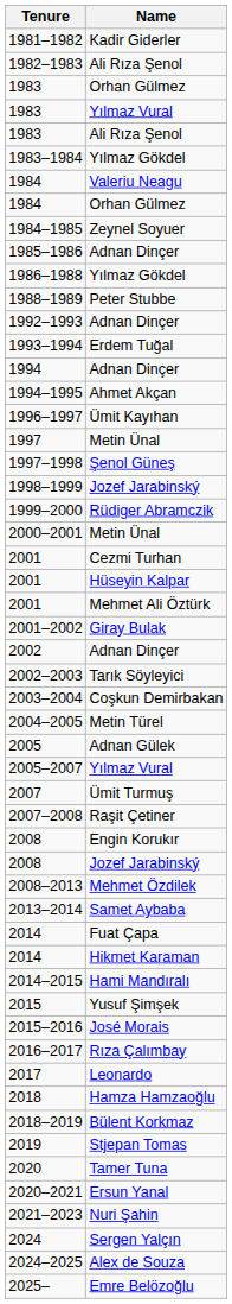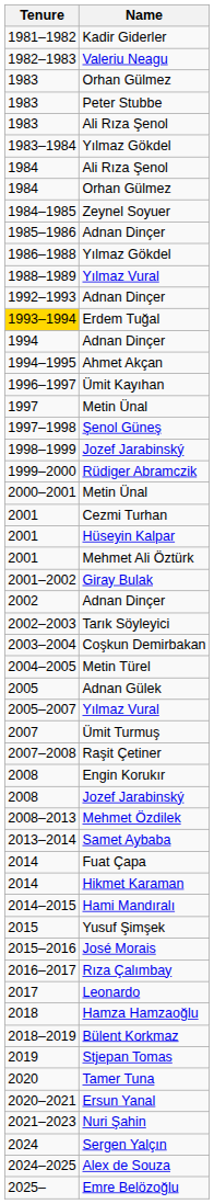 <table class="wikitable sortable">
 <tr>
 <th>Tenure</th>
 <th>Name</th>
 </tr>
 <tr>
 <td>1981–1982</td>
 <td> Kadir Giderler</td>
 </tr>
 <tr>
 <td>1982–1983</td>
-<td> Ali Rıza Şenol</td>
+<td> <a href='#'>Valeriu Neagu</a></td>
 </tr>
 <tr>
 <td>1983</td>
 <td> Orhan Gülmez</td>
 </tr>
 <tr>
 <td>1983</td>
-<td> <a href='#'>Yılmaz Vural</a></td>
+<td> Peter Stubbe</td>
 </tr>
 <tr>
 <td>1983</td>
 <td> Ali Rıza Şenol</td>
 </tr>
 <tr>
 <td>1983–1984</td>
 <td> Yılmaz Gökdel</td>
 </tr>
 <tr>
 <td>1984</td>
-<td> <a href='#'>Valeriu Neagu</a></td>
+<td> Ali Rıza Şenol</td>
 </tr>
 <tr>
 <td>1984</td>
 <td> Orhan Gülmez</td>
 </tr>
 <tr>
 <td>1984–1985</td>
 <td> Zeynel Soyuer</td>
 </tr>
 <tr>
 <td>1985–1986</td>
 <td> Adnan Dinçer</td>
 </tr>
 <tr>
 <td>1986–1988</td>
 <td> Yılmaz Gökdel</td>
 </tr>
 <tr>
 <td>1988–1989</td>
-<td> Peter Stubbe</td>
+<td> <a href='#'>Yılmaz Vural</a></td>
 </tr>
 <tr>
 <td>1992–1993</td>
 <td> Adnan Dinçer</td>
 </tr>
 <tr>
-<td>1993–1994</td>
+<td style="background: gold;">1993–1994</td>
 <td> Erdem Tuğal</td>
 </tr>
 <tr>
 <td>1994</td>
 <td> Adnan Dinçer</td>
 </tr>
 <tr>
 <td>1994–1995</td>
 <td> Ahmet Akçan</td>
 </tr>
 <tr>
 <td>1996–1997</td>
 <td> Ümit Kayıhan</td>
 </tr>
 <tr>
 <td>1997</td>
 <td> Metin Ünal</td>
 </tr>
 <tr>
 <td>1997–1998</td>
 <td> <a href='#'>Şenol Güneş</a></td>
 </tr>
 <tr>
 <td>1998–1999</td>
 <td> <a href='#'>Jozef Jarabinský</a></td>
 </tr>
 <tr>
 <td>1999–2000</td>
 <td> <a href='#'>Rüdiger Abramczik</a></td>
 </tr>
 <tr>
 <td>2000–2001</td>
 <td> Metin Ünal</td>
 </tr>
 <tr>
 <td>2001</td>
 <td> Cezmi Turhan</td>
 </tr>
 <tr>
 <td>2001</td>
 <td> <a href='#'>Hüseyin Kalpar</a></td>
 </tr>
 <tr>
 <td>2001</td>
 <td> Mehmet Ali Öztürk</td>
 </tr>
 <tr>
 <td>2001–2002</td>
 <td> <a href='#'>Giray Bulak</a></td>
 </tr>
 <tr>
 <td>2002</td>
 <td> Adnan Dinçer</td>
 </tr>
 <tr>
 <td>2002–2003</td>
 <td> Tarık Söyleyici</td>
 </tr>
 <tr>
 <td>2003–2004</td>
 <td> Coşkun Demirbakan</td>
 </tr>
 <tr>
 <td>2004–2005</td>
 <td> Metin Türel</td>
 </tr>
 <tr>
 <td>2005</td>
 <td> Adnan Gülek</td>
 </tr>
 <tr>
 <td>2005–2007</td>
 <td> <a href='#'>Yılmaz Vural</a></td>
 </tr>
 <tr>
 <td>2007</td>
 <td> Ümit Turmuş</td>
 </tr>
 <tr>
 <td>2007–2008</td>
 <td> Raşit Çetiner</td>
 </tr>
 <tr>
 <td>2008</td>
 <td> Engin Korukır</td>
 </tr>
 <tr>
 <td>2008</td>
 <td> <a href='#'>Jozef Jarabinský</a></td>
 </tr>
 <tr>
 <td>2008–2013</td>
 <td> <a href='#'>Mehmet Özdilek</a></td>
 </tr>
 <tr>
 <td>2013–2014</td>
 <td> <a href='#'>Samet Aybaba</a></td>
 </tr>
 <tr>
 <td>2014</td>
 <td> Fuat Çapa</td>
 </tr>
 <tr>
 <td>2014</td>
 <td> <a href='#'>Hikmet Karaman</a></td>
 </tr>
 <tr>
 <td>2014–2015</td>
 <td> <a href='#'>Hami Mandıralı</a></td>
 </tr>
 <tr>
 <td>2015</td>
 <td> Yusuf Şimşek</td>
 </tr>
 <tr>
 <td>2015–2016</td>
 <td> <a href='#'>José Morais</a></td>
 </tr>
 <tr>
 <td>2016–2017</td>
 <td> <a href='#'>Rıza Çalımbay</a></td>
 </tr>
 <tr>
 <td>2017</td>
 <td> <a href='#'>Leonardo</a></td>
 </tr>
 <tr>
 <td>2018</td>
 <td> <a href='#'>Hamza Hamzaoğlu</a></td>
 </tr>
 <tr>
 <td>2018–2019</td>
 <td> <a href='#'>Bülent Korkmaz</a></td>
 </tr>
 <tr>
 <td>2019</td>
 <td> <a href='#'>Stjepan Tomas</a></td>
 </tr>
 <tr>
 <td>2020</td>
 <td> <a href='#'>Tamer Tuna</a></td>
 </tr>
 <tr>
 <td>2020–2021</td>
 <td> <a href='#'>Ersun Yanal</a></td>
 </tr>
 <tr>
 <td>2021–2023</td>
 <td> <a href='#'>Nuri Şahin</a></td>
 </tr>
 <tr>
 <td>2024</td>
 <td> <a href='#'>Sergen Yalçın</a></td>
 </tr>
 <tr>
 <td>2024–2025</td>
 <td> <a href='#'>Alex de Souza</a></td>
 </tr>
 <tr>
 <td>2025–</td>
 <td> <a href='#'>Emre Belözoğlu</a></td>
 </tr>
 </table>
